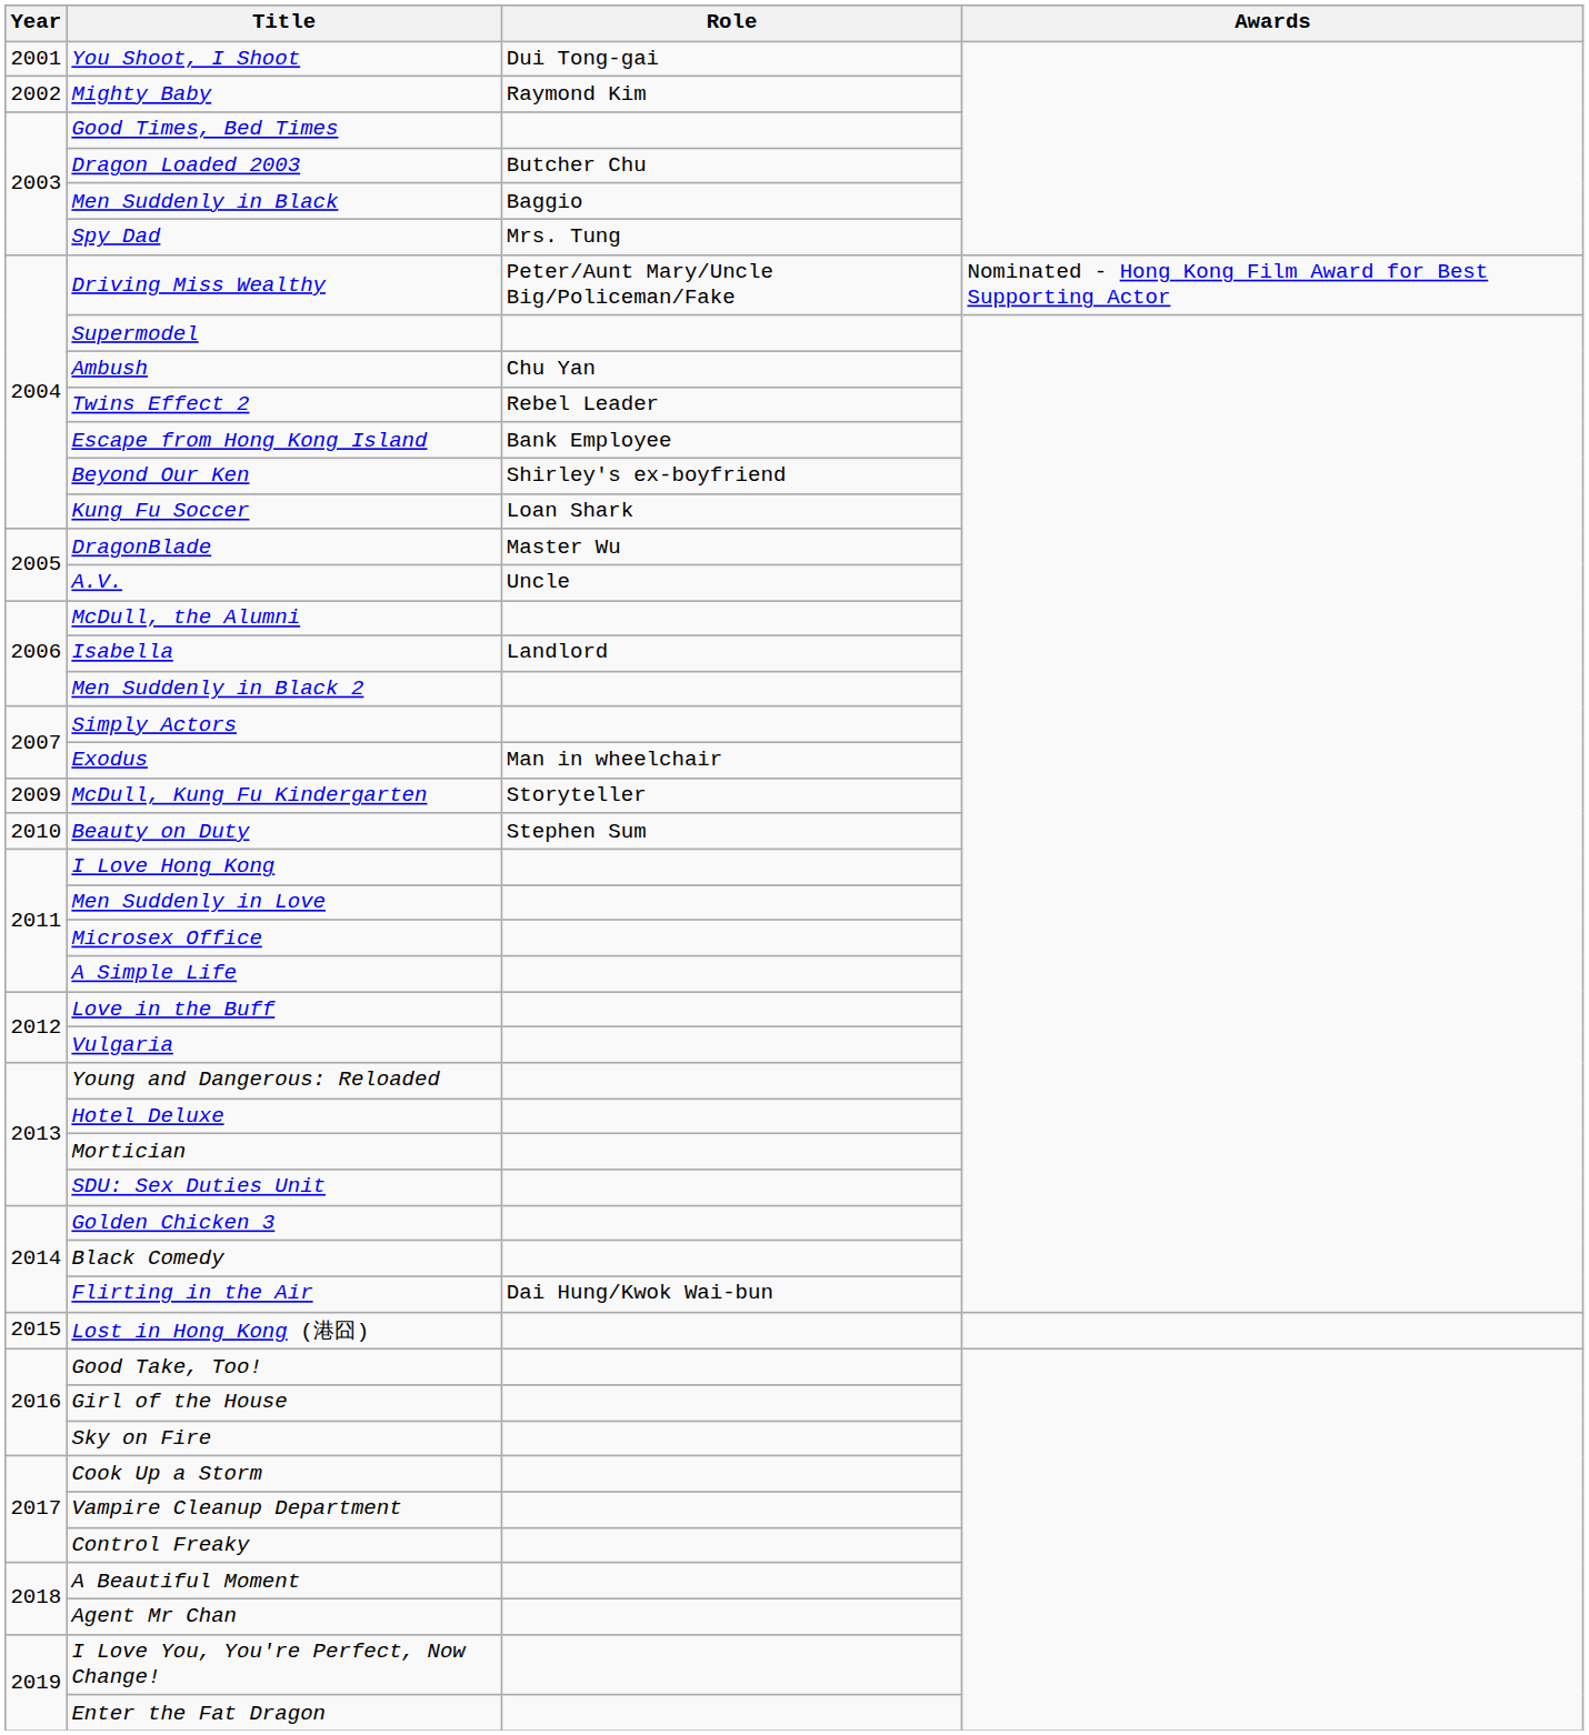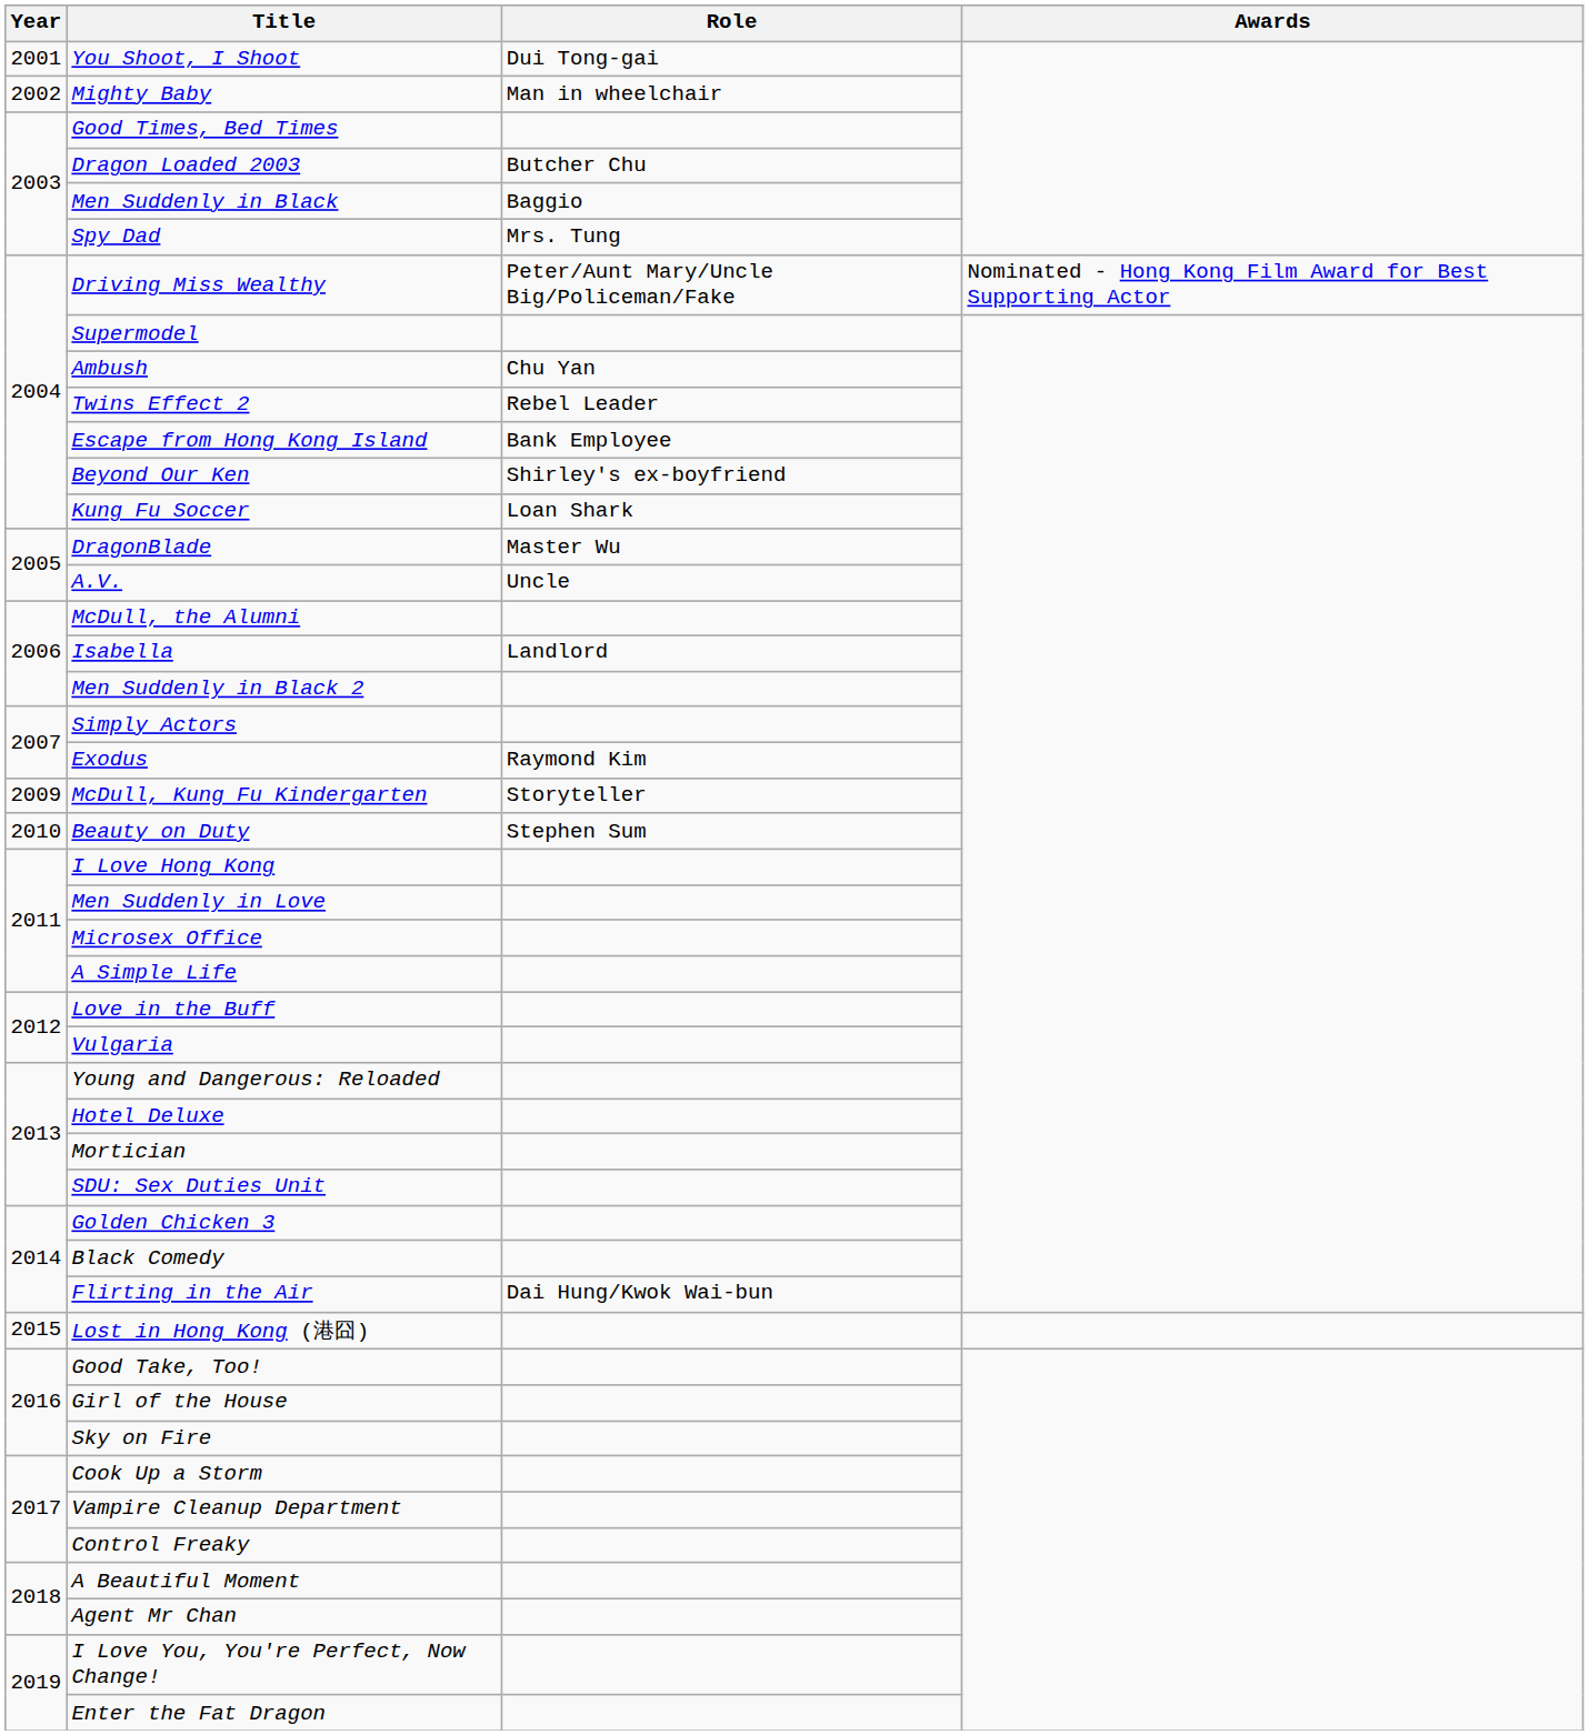 <table class="wikitable" style="font-size: 90%;">
 <tr>
 <th>Year</th>
 <th>Title</th>
 <th>Role</th>
 <th>Awards</th>
 </tr>
 <tr>
 <td>2001</td>
 <td><em><a href='#'>You Shoot, I Shoot</a></em></td>
 <td>Dui Tong-gai</td>
 </tr>
 <tr>
 <td>2002</td>
 <td><em><a href='#'>Mighty Baby</a></em></td>
-<td>Raymond Kim</td>
+<td>Man in wheelchair</td>
 </tr>
 <tr>
 <td rowspan="4">2003</td>
 <td><em><a href='#'>Good Times, Bed Times</a></em></td>
 <td></td>
 </tr>
 <tr>
 <td><em><a href='#'>Dragon Loaded 2003</a></em></td>
 <td>Butcher Chu</td>
 </tr>
 <tr>
 <td><em><a href='#'>Men Suddenly in Black</a></em></td>
 <td>Baggio</td>
 </tr>
 <tr>
 <td><em><a href='#'>Spy Dad</a></em></td>
 <td>Mrs. Tung</td>
 </tr>
 <tr>
 <td rowspan="7">2004</td>
 <td><em><a href='#'>Driving Miss Wealthy</a></em></td>
 <td>Peter/Aunt Mary/Uncle Big/Policeman/Fake</td>
 <td>Nominated - <a href='#'>Hong Kong Film Award for Best Supporting Actor</a></td>
 </tr>
 <tr>
 <td><em><a href='#'>Supermodel</a></em></td>
 <td></td>
 </tr>
 <tr>
 <td><em><a href='#'>Ambush</a></em></td>
 <td>Chu Yan</td>
 </tr>
 <tr>
 <td><em><a href='#'>Twins Effect 2</a></em></td>
 <td>Rebel Leader</td>
 </tr>
 <tr>
 <td><em><a href='#'>Escape from Hong Kong Island</a></em></td>
 <td>Bank Employee</td>
 </tr>
 <tr>
 <td><em><a href='#'>Beyond Our Ken</a></em></td>
 <td>Shirley's ex-boyfriend</td>
 </tr>
 <tr>
 <td><em><a href='#'>Kung Fu Soccer</a></em></td>
 <td>Loan Shark</td>
 </tr>
 <tr>
 <td rowspan="2">2005</td>
 <td><em><a href='#'>DragonBlade</a></em></td>
 <td>Master Wu</td>
 </tr>
 <tr>
 <td><em><a href='#'>A.V.</a></em></td>
 <td>Uncle</td>
 </tr>
 <tr>
 <td rowspan="3">2006</td>
 <td><em><a href='#'>McDull, the Alumni</a></em></td>
 <td></td>
 </tr>
 <tr>
 <td><em><a href='#'>Isabella</a></em></td>
 <td>Landlord</td>
 </tr>
 <tr>
 <td><em><a href='#'>Men Suddenly in Black 2</a></em></td>
 <td></td>
 </tr>
 <tr>
 <td rowspan="2">2007</td>
 <td><em><a href='#'>Simply Actors</a></em></td>
 <td></td>
 </tr>
 <tr>
 <td><em><a href='#'>Exodus</a></em></td>
-<td>Man in wheelchair</td>
+<td>Raymond Kim</td>
 </tr>
 <tr>
 <td>2009</td>
 <td><em><a href='#'>McDull, Kung Fu Kindergarten</a></em></td>
 <td>Storyteller</td>
 </tr>
 <tr>
 <td>2010</td>
 <td><em><a href='#'>Beauty on Duty</a></em></td>
 <td>Stephen Sum</td>
 </tr>
 <tr>
 <td rowspan=4>2011</td>
 <td><em><a href='#'>I Love Hong Kong</a></em></td>
 <td></td>
 </tr>
 <tr>
 <td><em><a href='#'>Men Suddenly in Love</a></em></td>
 <td></td>
 </tr>
 <tr>
 <td><em><a href='#'>Microsex Office</a></em></td>
 <td></td>
 </tr>
 <tr>
 <td><em><a href='#'>A Simple Life</a></em></td>
 <td></td>
 </tr>
 <tr>
 <td rowspan="2">2012</td>
 <td><em><a href='#'>Love in the Buff</a></em></td>
 <td></td>
 </tr>
 <tr>
 <td><em><a href='#'>Vulgaria</a></em></td>
 <td></td>
 </tr>
 <tr>
 <td rowspan=4>2013</td>
 <td><em>Young and Dangerous: Reloaded</em></td>
 <td></td>
 </tr>
 <tr>
 <td><em><a href='#'>Hotel Deluxe</a></em></td>
 <td></td>
 </tr>
 <tr>
 <td><em>Mortician</em></td>
 <td></td>
 </tr>
 <tr>
 <td><em><a href='#'>SDU: Sex Duties Unit</a></em></td>
 <td></td>
 </tr>
 <tr>
 <td rowspan=3>2014</td>
 <td><em><a href='#'>Golden Chicken 3</a></em></td>
 <td></td>
 </tr>
 <tr>
 <td><em>Black Comedy</em></td>
 <td></td>
 </tr>
 <tr>
 <td><em><a href='#'>Flirting in the Air</a></em></td>
 <td>Dai Hung/Kwok Wai-bun</td>
 </tr>
 <tr>
 <td>2015</td>
 <td><em><a href='#'>Lost in Hong Kong</a></em> (港囧)</td>
 <td></td>
 <td></td>
 </tr>
 <tr>
 <td rowspan=3>2016</td>
 <td><em>Good Take, Too!</em></td>
 <td></td>
 </tr>
 <tr>
 <td><em>Girl of the House</em></td>
 <td></td>
 </tr>
 <tr>
 <td><em>Sky on Fire</em></td>
 <td></td>
 </tr>
 <tr>
 <td rowspan=3>2017</td>
 <td><em>Cook Up a Storm</em></td>
 <td></td>
 </tr>
 <tr>
 <td><em>Vampire Cleanup Department</em></td>
 <td></td>
 </tr>
 <tr>
 <td><em>Control Freaky </em></td>
 <td></td>
 </tr>
 <tr>
 <td rowspan=2>2018</td>
 <td><em>A Beautiful Moment</em></td>
 <td></td>
 </tr>
 <tr>
 <td><em>Agent Mr Chan</em></td>
 <td></td>
 </tr>
 <tr>
 <td rowspan=2>2019</td>
 <td><em>I Love You, You're Perfect, Now Change!</em></td>
 <td></td>
 </tr>
 <tr>
 <td><em>Enter the Fat Dragon</em></td>
 <td></td>
 </tr>
 </table>
